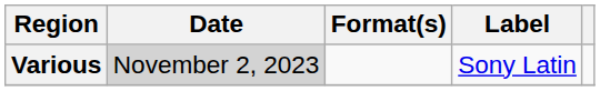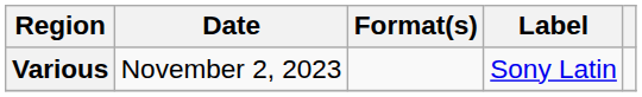 <table class="wikitable plainrowheaders">
 <tr>
 <th scope="col">Region</th>
 <th scope="col">Date</th>
 <th scope="col">Format(s)</th>
 <th scope="col">Label</th>
 <th scope="col"></th>
 </tr>
 <tr>
 <th scope="row">Various</th>
-<td style="background: lightgrey;">November 2, 2023</td>
+<td>November 2, 2023</td>
 <td></td>
 <td><a href='#'>Sony Latin</a></td>
 <td align="center"></td>
 </tr>
 <tr>
 </tr>
 </table>
